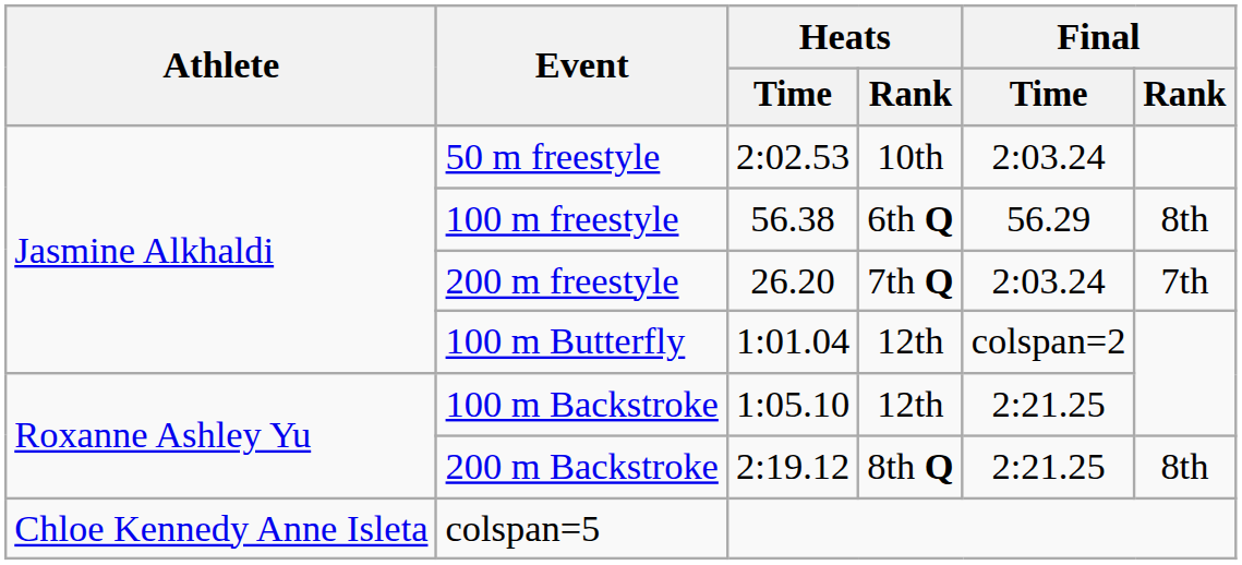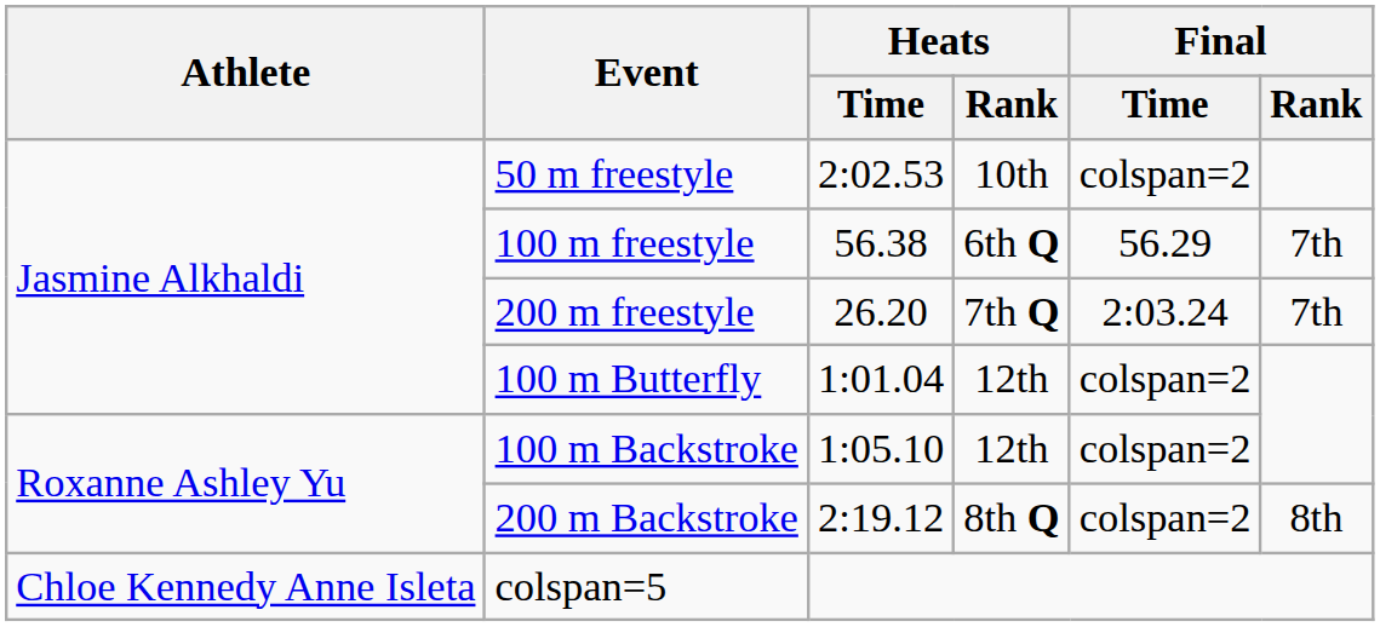 <table class="wikitable" style="font-size:90%">
 <tr>
 <th rowspan=2>Athlete</th>
 <th rowspan=2>Event</th>
 <th colspan=2>Heats</th>
 <th colspan=2>Final</th>
 </tr>
 <tr style="font-size:95%">
 <th>Time</th>
 <th>Rank</th>
 <th>Time</th>
 <th>Rank</th>
 </tr>
 <tr>
 <td rowspan=4><a href='#'>Jasmine Alkhaldi</a></td>
 <td><a href='#'>50 m freestyle</a></td>
 <td align=center>2:02.53</td>
 <td align=center>10th</td>
-<td align=center>2:03.24</td>
+<td>colspan=2</td>
 </tr>
 <tr>
 <td><a href='#'>100 m freestyle</a></td>
 <td align=center>56.38</td>
 <td align=center>6th <strong>Q</strong></td>
 <td align=center>56.29</td>
-<td align=center>8th</td>
+<td align=center>7th</td>
 </tr>
 <tr>
 <td><a href='#'>200 m freestyle</a></td>
 <td align=center>26.20</td>
 <td align=center>7th <strong>Q</strong></td>
 <td align=center>2:03.24</td>
 <td align=center>7th</td>
 </tr>
 <tr>
 <td><a href='#'>100 m Butterfly</a></td>
 <td align=center>1:01.04</td>
 <td align=center>12th</td>
 <td>colspan=2</td>
 </tr>
 <tr>
 <td rowspan=2><a href='#'>Roxanne Ashley Yu</a></td>
 <td><a href='#'>100 m Backstroke</a></td>
 <td align=center>1:05.10</td>
 <td align=center>12th</td>
-<td align=center>2:21.25</td>
+<td>colspan=2</td>
 </tr>
 <tr>
 <td><a href='#'>200 m Backstroke</a></td>
 <td align=center>2:19.12</td>
 <td align=center>8th <strong>Q</strong></td>
-<td align=center>2:21.25</td>
+<td>colspan=2</td>
 <td align=center>8th</td>
 </tr>
 <tr>
 <td rowspan=1><a href='#'>Chloe Kennedy Anne Isleta</a></td>
 <td>colspan=5</td>
 </tr>
 </table>
